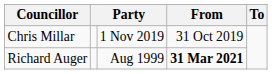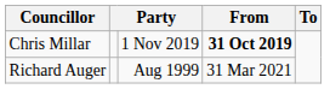 <table class=wikitable>
 <tr>
 <th>Councillor</th>
 <th colspan=2>Party</th>
 <th>From</th>
 <th>To</th>
 </tr>
 <tr>
 <td>Chris Millar</td>
 <td></td>
 <td align=right>1 Nov 2019</td>
-<td align=right>31 Oct 2019</td>
+<td align=right><strong>31 Oct 2019</strong></td>
 </tr>
 <tr>
 <td>Richard Auger</td>
 <td></td>
 <td align=right>Aug 1999</td>
-<td align=right><strong>31 Mar 2021</strong></td>
+<td align=right>31 Mar 2021</td>
 </tr>
 </table>
